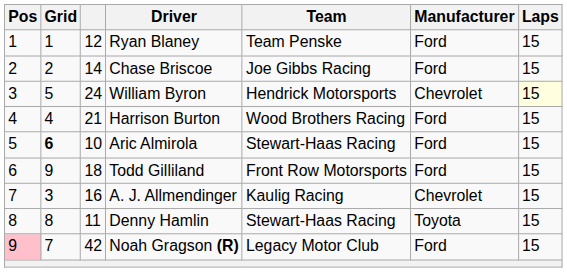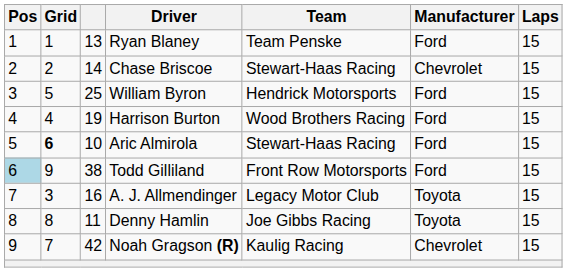 <table class="wikitable" style="font-size:98%">
 <tr>
 <th>Pos</th>
 <th>Grid</th>
 <th></th>
 <th>Driver</th>
 <th>Team</th>
 <th>Manufacturer</th>
 <th>Laps</th>
 </tr>
 <tr>
 <td>1</td>
 <td>1</td>
-<td>12</td>
+<td>13</td>
 <td>Ryan Blaney</td>
 <td>Team Penske</td>
 <td>Ford</td>
 <td>15</td>
 </tr>
 <tr>
 <td>2</td>
 <td>2</td>
 <td>14</td>
 <td>Chase Briscoe</td>
-<td>Joe Gibbs Racing</td>
-<td>Ford</td>
+<td>Stewart-Haas Racing</td>
+<td>Chevrolet</td>
 <td>15</td>
 </tr>
 <tr>
 <td>3</td>
 <td>5</td>
-<td>24</td>
+<td>25</td>
 <td>William Byron</td>
 <td>Hendrick Motorsports</td>
-<td>Chevrolet</td>
-<td style="background: lightyellow;">15</td>
+<td>Ford</td>
+<td>15</td>
 </tr>
 <tr>
 <td>4</td>
 <td>4</td>
-<td>21</td>
+<td>19</td>
 <td>Harrison Burton</td>
 <td>Wood Brothers Racing</td>
 <td>Ford</td>
 <td>15</td>
 </tr>
 <tr>
 <td>5</td>
 <td><strong>6</strong></td>
 <td>10</td>
 <td>Aric Almirola</td>
 <td>Stewart-Haas Racing</td>
 <td>Ford</td>
 <td>15</td>
 </tr>
 <tr>
-<td>6</td>
+<td style="background: lightblue;">6</td>
 <td>9</td>
-<td>18</td>
+<td>38</td>
 <td>Todd Gilliland</td>
 <td>Front Row Motorsports</td>
 <td>Ford</td>
 <td>15</td>
 </tr>
 <tr>
 <td>7</td>
 <td>3</td>
 <td>16</td>
 <td>A. J. Allmendinger</td>
-<td>Kaulig Racing</td>
-<td>Chevrolet</td>
+<td>Legacy Motor Club</td>
+<td>Toyota</td>
 <td>15</td>
 </tr>
 <tr>
 <td>8</td>
 <td>8</td>
 <td>11</td>
 <td>Denny Hamlin</td>
-<td>Stewart-Haas Racing</td>
+<td>Joe Gibbs Racing</td>
 <td>Toyota</td>
 <td>15</td>
 </tr>
 <tr>
-<td style="background: pink;">9</td>
+<td>9</td>
 <td>7</td>
 <td>42</td>
 <td>Noah Gragson <strong>(R)</strong></td>
-<td>Legacy Motor Club</td>
-<td>Ford</td>
+<td>Kaulig Racing</td>
+<td>Chevrolet</td>
 <td>15</td>
 </tr>
 <tr>
 <th colspan="7"></th>
 </tr>
 </table>
